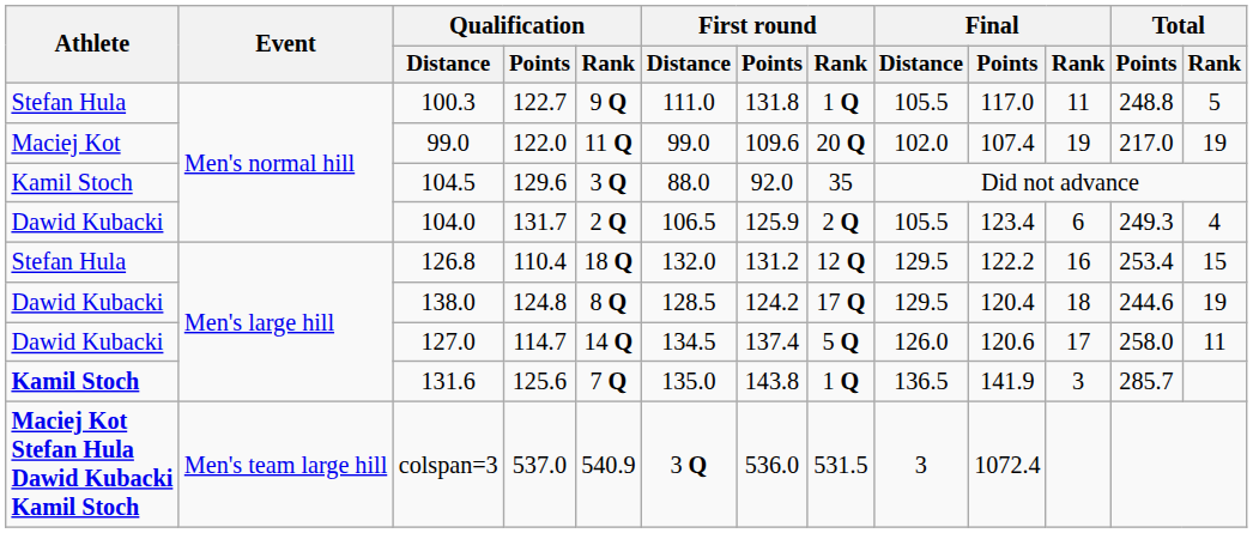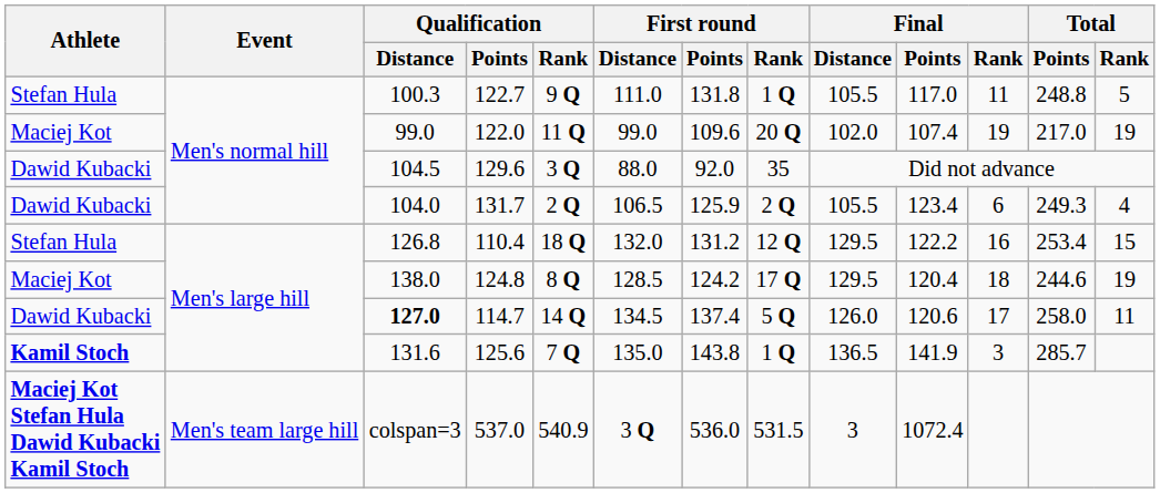 <table class="wikitable" style="font-size:90%">
 <tr>
 <th rowspan=2>Athlete</th>
 <th rowspan=2>Event</th>
 <th colspan=3>Qualification</th>
 <th colspan=3>First round</th>
 <th colspan=3>Final</th>
 <th colspan=2>Total</th>
 </tr>
 <tr style="font-size:95%">
 <th>Distance</th>
 <th>Points</th>
 <th>Rank</th>
 <th>Distance</th>
 <th>Points</th>
 <th>Rank</th>
 <th>Distance</th>
 <th>Points</th>
 <th>Rank</th>
 <th>Points</th>
 <th>Rank</th>
 </tr>
 <tr align=center>
 <td align=left><a href='#'>Stefan Hula</a></td>
 <td align=left rowspan=4><a href='#'>Men's normal hill</a></td>
 <td>100.3</td>
 <td>122.7</td>
 <td>9 <strong>Q</strong></td>
 <td>111.0</td>
 <td>131.8</td>
 <td>1 <strong>Q</strong></td>
 <td>105.5</td>
 <td>117.0</td>
 <td>11</td>
 <td>248.8</td>
 <td>5</td>
 </tr>
 <tr align=center>
 <td align=left><a href='#'>Maciej Kot</a></td>
 <td>99.0</td>
 <td>122.0</td>
 <td>11 <strong>Q</strong></td>
 <td>99.0</td>
 <td>109.6</td>
 <td>20 <strong>Q</strong></td>
 <td>102.0</td>
 <td>107.4</td>
 <td>19</td>
 <td>217.0</td>
 <td>19</td>
 </tr>
 <tr align=center>
-<td align=left><a href='#'>Kamil Stoch</a></td>
+<td align=left><a href='#'>Dawid Kubacki</a></td>
 <td>104.5</td>
 <td>129.6</td>
 <td>3 <strong>Q</strong></td>
 <td>88.0</td>
 <td>92.0</td>
 <td>35</td>
 <td colspan=5>Did not advance</td>
 </tr>
 <tr align=center>
 <td align=left><a href='#'>Dawid Kubacki</a></td>
 <td>104.0</td>
 <td>131.7</td>
 <td>2 <strong>Q</strong></td>
 <td>106.5</td>
 <td>125.9</td>
 <td>2 <strong>Q</strong></td>
 <td>105.5</td>
 <td>123.4</td>
 <td>6</td>
 <td>249.3</td>
 <td>4</td>
 </tr>
 <tr align=center>
 <td align=left><a href='#'>Stefan Hula</a></td>
 <td align=left rowspan=4><a href='#'>Men's large hill</a></td>
 <td>126.8</td>
 <td>110.4</td>
 <td>18 <strong>Q</strong></td>
 <td>132.0</td>
 <td>131.2</td>
 <td>12 <strong>Q</strong></td>
 <td>129.5</td>
 <td>122.2</td>
 <td>16</td>
 <td>253.4</td>
 <td>15</td>
 </tr>
 <tr align=center>
-<td align=left><a href='#'>Dawid Kubacki</a></td>
+<td align=left><a href='#'>Maciej Kot</a></td>
 <td>138.0</td>
 <td>124.8</td>
 <td>8 <strong>Q</strong></td>
 <td>128.5</td>
 <td>124.2</td>
 <td>17 <strong>Q</strong></td>
 <td>129.5</td>
 <td>120.4</td>
 <td>18</td>
 <td>244.6</td>
 <td>19</td>
 </tr>
 <tr align=center>
 <td align=left><a href='#'>Dawid Kubacki</a></td>
-<td>127.0</td>
+<td><strong>127.0</strong></td>
 <td>114.7</td>
 <td>14 <strong>Q</strong></td>
 <td>134.5</td>
 <td>137.4</td>
 <td>5 <strong>Q</strong></td>
 <td>126.0</td>
 <td>120.6</td>
 <td>17</td>
 <td>258.0</td>
 <td>11</td>
 </tr>
 <tr align=center>
 <td align=left><strong><a href='#'>Kamil Stoch</a></strong></td>
 <td>131.6</td>
 <td>125.6</td>
 <td>7 <strong>Q</strong></td>
 <td>135.0</td>
 <td>143.8</td>
 <td>1 <strong>Q</strong></td>
 <td>136.5</td>
 <td>141.9</td>
 <td>3</td>
 <td>285.7</td>
 <td></td>
 </tr>
 <tr align=center>
 <td align=left><strong><a href='#'>Maciej Kot</a><br><a href='#'>Stefan Hula</a><br><a href='#'>Dawid Kubacki</a><br><a href='#'>Kamil Stoch</a></strong></td>
 <td align=left><a href='#'>Men's team large hill</a></td>
 <td>colspan=3 </td>
 <td>537.0</td>
 <td>540.9</td>
 <td>3 <strong>Q</strong></td>
 <td>536.0</td>
 <td>531.5</td>
 <td>3</td>
 <td>1072.4</td>
 <td></td>
 </tr>
 </table>
